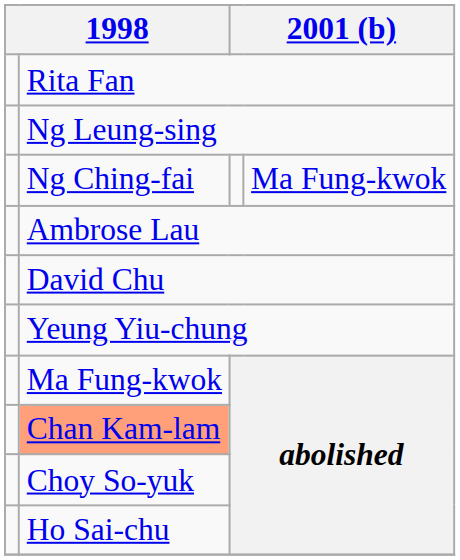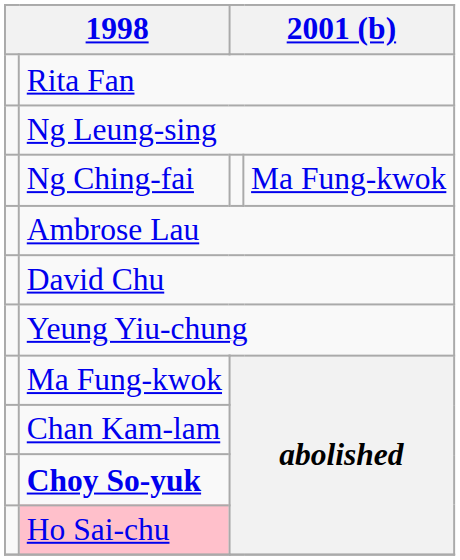 <table class="wikitable" style="text-align:left; font-size:100%;">
 <tr>
 <th colspan="2" style="width:1px;"><a href='#'>1998</a></th>
 <th colspan="3"><a href='#'>2001 (b)</a></th>
 </tr>
 <tr>
 <td style="color:inherit;background:"></td>
 <td colspan="4"><a href='#'>Rita Fan</a> <br></td>
 </tr>
 <tr>
 <td style="color:inherit;background:"></td>
 <td colspan="4"><a href='#'>Ng Leung-sing</a> <br></td>
 </tr>
 <tr>
 <td style="color:inherit;background:"></td>
 <td colspan="2"><a href='#'>Ng Ching-fai</a> <br></td>
 <td style="color:inherit;background:"></td>
 <td><a href='#'>Ma Fung-kwok</a> <br></td>
 </tr>
 <tr>
 <td style="color:inherit;background:"></td>
 <td colspan="4"><a href='#'>Ambrose Lau</a> <br></td>
 </tr>
 <tr>
 <td style="color:inherit;background:"></td>
 <td colspan="4"><a href='#'>David Chu</a> <br></td>
 </tr>
 <tr>
 <td style="color:inherit;background:"></td>
 <td colspan="4"><a href='#'>Yeung Yiu-chung</a> <br></td>
 </tr>
 <tr>
 <td style="color:inherit;background:"></td>
 <td colspan=1><a href='#'>Ma Fung-kwok</a> <br></td>
 <th colspan="3" rowspan="4"><em>abolished</em></th>
 </tr>
 <tr>
 <td style="color:inherit;background:"></td>
-<td colspan=1 style="background: lightsalmon;"><a href='#'>Chan Kam-lam</a> <br></td>
+<td colspan=1><a href='#'>Chan Kam-lam</a> <br></td>
 </tr>
 <tr>
 <td style="color:inherit;background:"></td>
-<td colspan=1><a href='#'>Choy So-yuk</a> <br></td>
+<td colspan=1><strong><a href='#'>Choy So-yuk</a> <br></strong></td>
 </tr>
 <tr>
 <td style="color:inherit;background:"></td>
-<td colspan=1><a href='#'>Ho Sai-chu</a> <br></td>
+<td colspan=1 style="background: pink;"><a href='#'>Ho Sai-chu</a> <br></td>
 </tr>
 <tr>
 </tr>
 </table>
